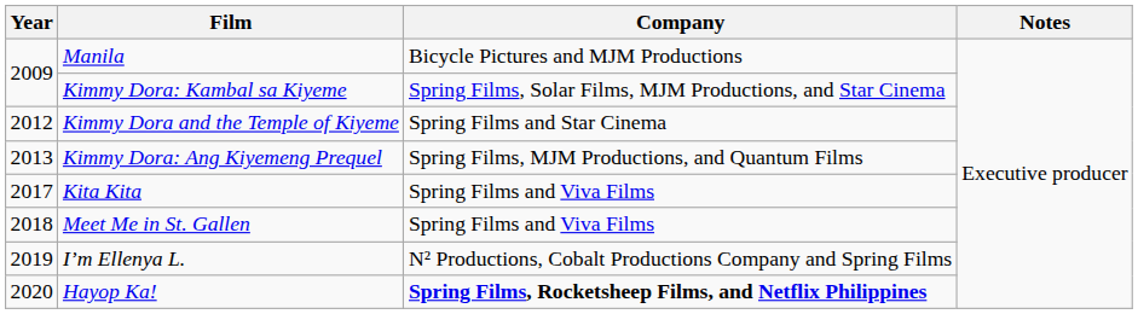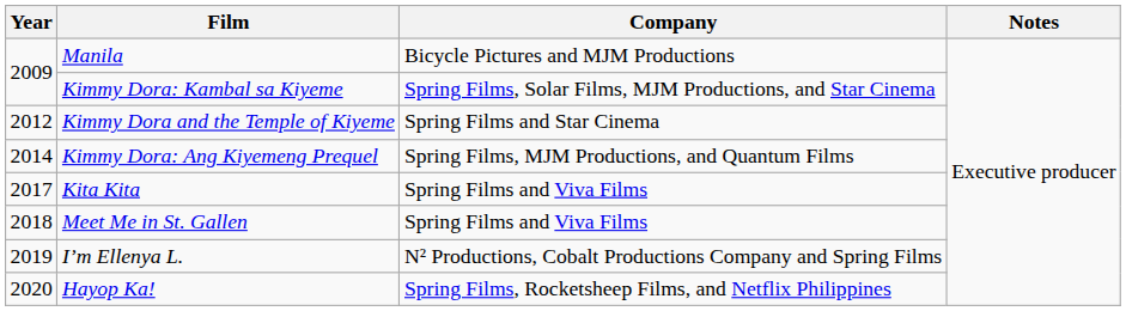 <table class="wikitable sortable">
 <tr>
 <th>Year</th>
 <th>Film</th>
 <th>Company</th>
 <th class="unsortable">Notes</th>
 </tr>
 <tr>
 <td rowspan=2>2009</td>
 <td><em><a href='#'>Manila</a></em></td>
 <td>Bicycle Pictures and MJM Productions</td>
 <td rowspan=8>Executive producer</td>
 </tr>
 <tr>
 <td><em><a href='#'>Kimmy Dora: Kambal sa Kiyeme</a></em></td>
 <td><a href='#'>Spring Films</a>, Solar Films, MJM Productions, and <a href='#'>Star Cinema</a></td>
 </tr>
 <tr>
 <td>2012</td>
 <td><em><a href='#'>Kimmy Dora and the Temple of Kiyeme</a></em></td>
 <td>Spring Films and Star Cinema</td>
 </tr>
 <tr>
-<td>2013</td>
+<td>2014</td>
 <td><em><a href='#'>Kimmy Dora: Ang Kiyemeng Prequel</a></em></td>
 <td>Spring Films, MJM Productions, and Quantum Films</td>
 </tr>
 <tr>
 <td>2017</td>
 <td><em><a href='#'>Kita Kita</a></em></td>
 <td>Spring Films and <a href='#'>Viva Films</a></td>
 </tr>
 <tr>
 <td>2018</td>
 <td><em><a href='#'>Meet Me in St. Gallen</a></em></td>
 <td>Spring Films and <a href='#'>Viva Films</a></td>
 </tr>
 <tr>
 <td>2019</td>
 <td><em>I’m Ellenya L.</em></td>
 <td>N² Productions, Cobalt Productions Company and Spring Films</td>
 </tr>
 <tr>
 <td>2020</td>
 <td><em><a href='#'>Hayop Ka!</a></em></td>
-<td><strong><a href='#'>Spring Films</a>, Rocketsheep Films, and <a href='#'>Netflix Philippines</a></strong></td>
+<td><a href='#'>Spring Films</a>, Rocketsheep Films, and <a href='#'>Netflix Philippines</a></td>
 </tr>
 </table>
